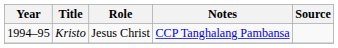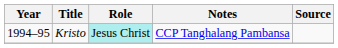 <table class="wikitable sortable">
 <tr>
 <th>Year</th>
 <th>Title</th>
 <th>Role</th>
 <th class="unsortable">Notes</th>
 <th class="unsortable">Source</th>
 </tr>
 <tr>
 <td>1994–95</td>
 <td><em>Kristo</em></td>
-<td>Jesus Christ</td>
+<td style="background: paleturquoise;">Jesus Christ</td>
 <td><a href='#'>CCP Tanghalang Pambansa</a></td>
 <td></td>
 </tr>
 <tr>
 </tr>
 </table>
